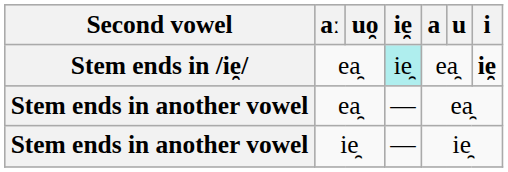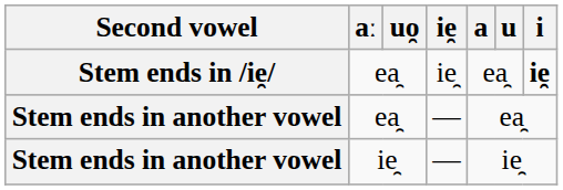 <table class="wikitable" style="text-align: center;">
 <tr>
 <th>Second vowel</th>
 <th>aː</th>
 <th>uo̯</th>
 <th>ie̯</th>
 <th>a</th>
 <th>u</th>
 <th>i</th>
 </tr>
 <tr>
 <th>Stem ends in /ie̯/</th>
 <td colspan="2">ea̯</td>
-<td style="background: paleturquoise;">ie̯</td>
+<td>ie̯</td>
 <td colspan="2">ea̯</td>
 <td><strong>ie̯</strong></td>
 </tr>
 <tr>
 <th>Stem ends in another vowel</th>
 <td colspan="2">ea̯</td>
 <td>—</td>
 <td colspan="3">ea̯</td>
 </tr>
 <tr>
 <th>Stem ends in another vowel</th>
 <td colspan="2">ie̯</td>
 <td>—</td>
 <td colspan="3">ie̯</td>
 </tr>
 </table>
